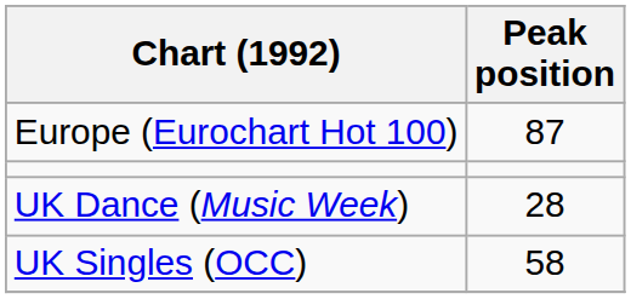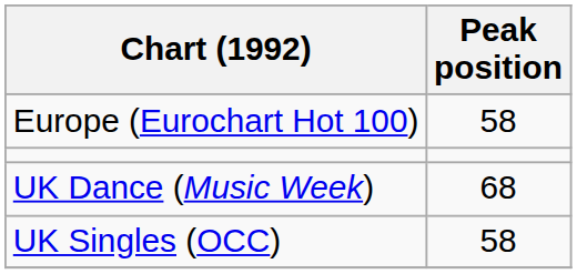 <table class="wikitable sortable">
 <tr>
 <th>Chart (1992)</th>
 <th>Peak<br>position</th>
 </tr>
 <tr>
 <td>Europe (<a href='#'>Eurochart Hot 100</a>)</td>
-<td align="center">87</td>
+<td align="center">58</td>
 </tr>
 <tr>
 <td></td>
 </tr>
 <tr>
 <td><a href='#'>UK Dance</a> (<em><a href='#'>Music Week</a></em>)</td>
-<td align="center">28</td>
+<td align="center">68</td>
 </tr>
 <tr>
 <td><a href='#'>UK Singles</a> (<a href='#'>OCC</a>)</td>
 <td align="center">58</td>
 </tr>
 <tr>
 </tr>
 </table>
